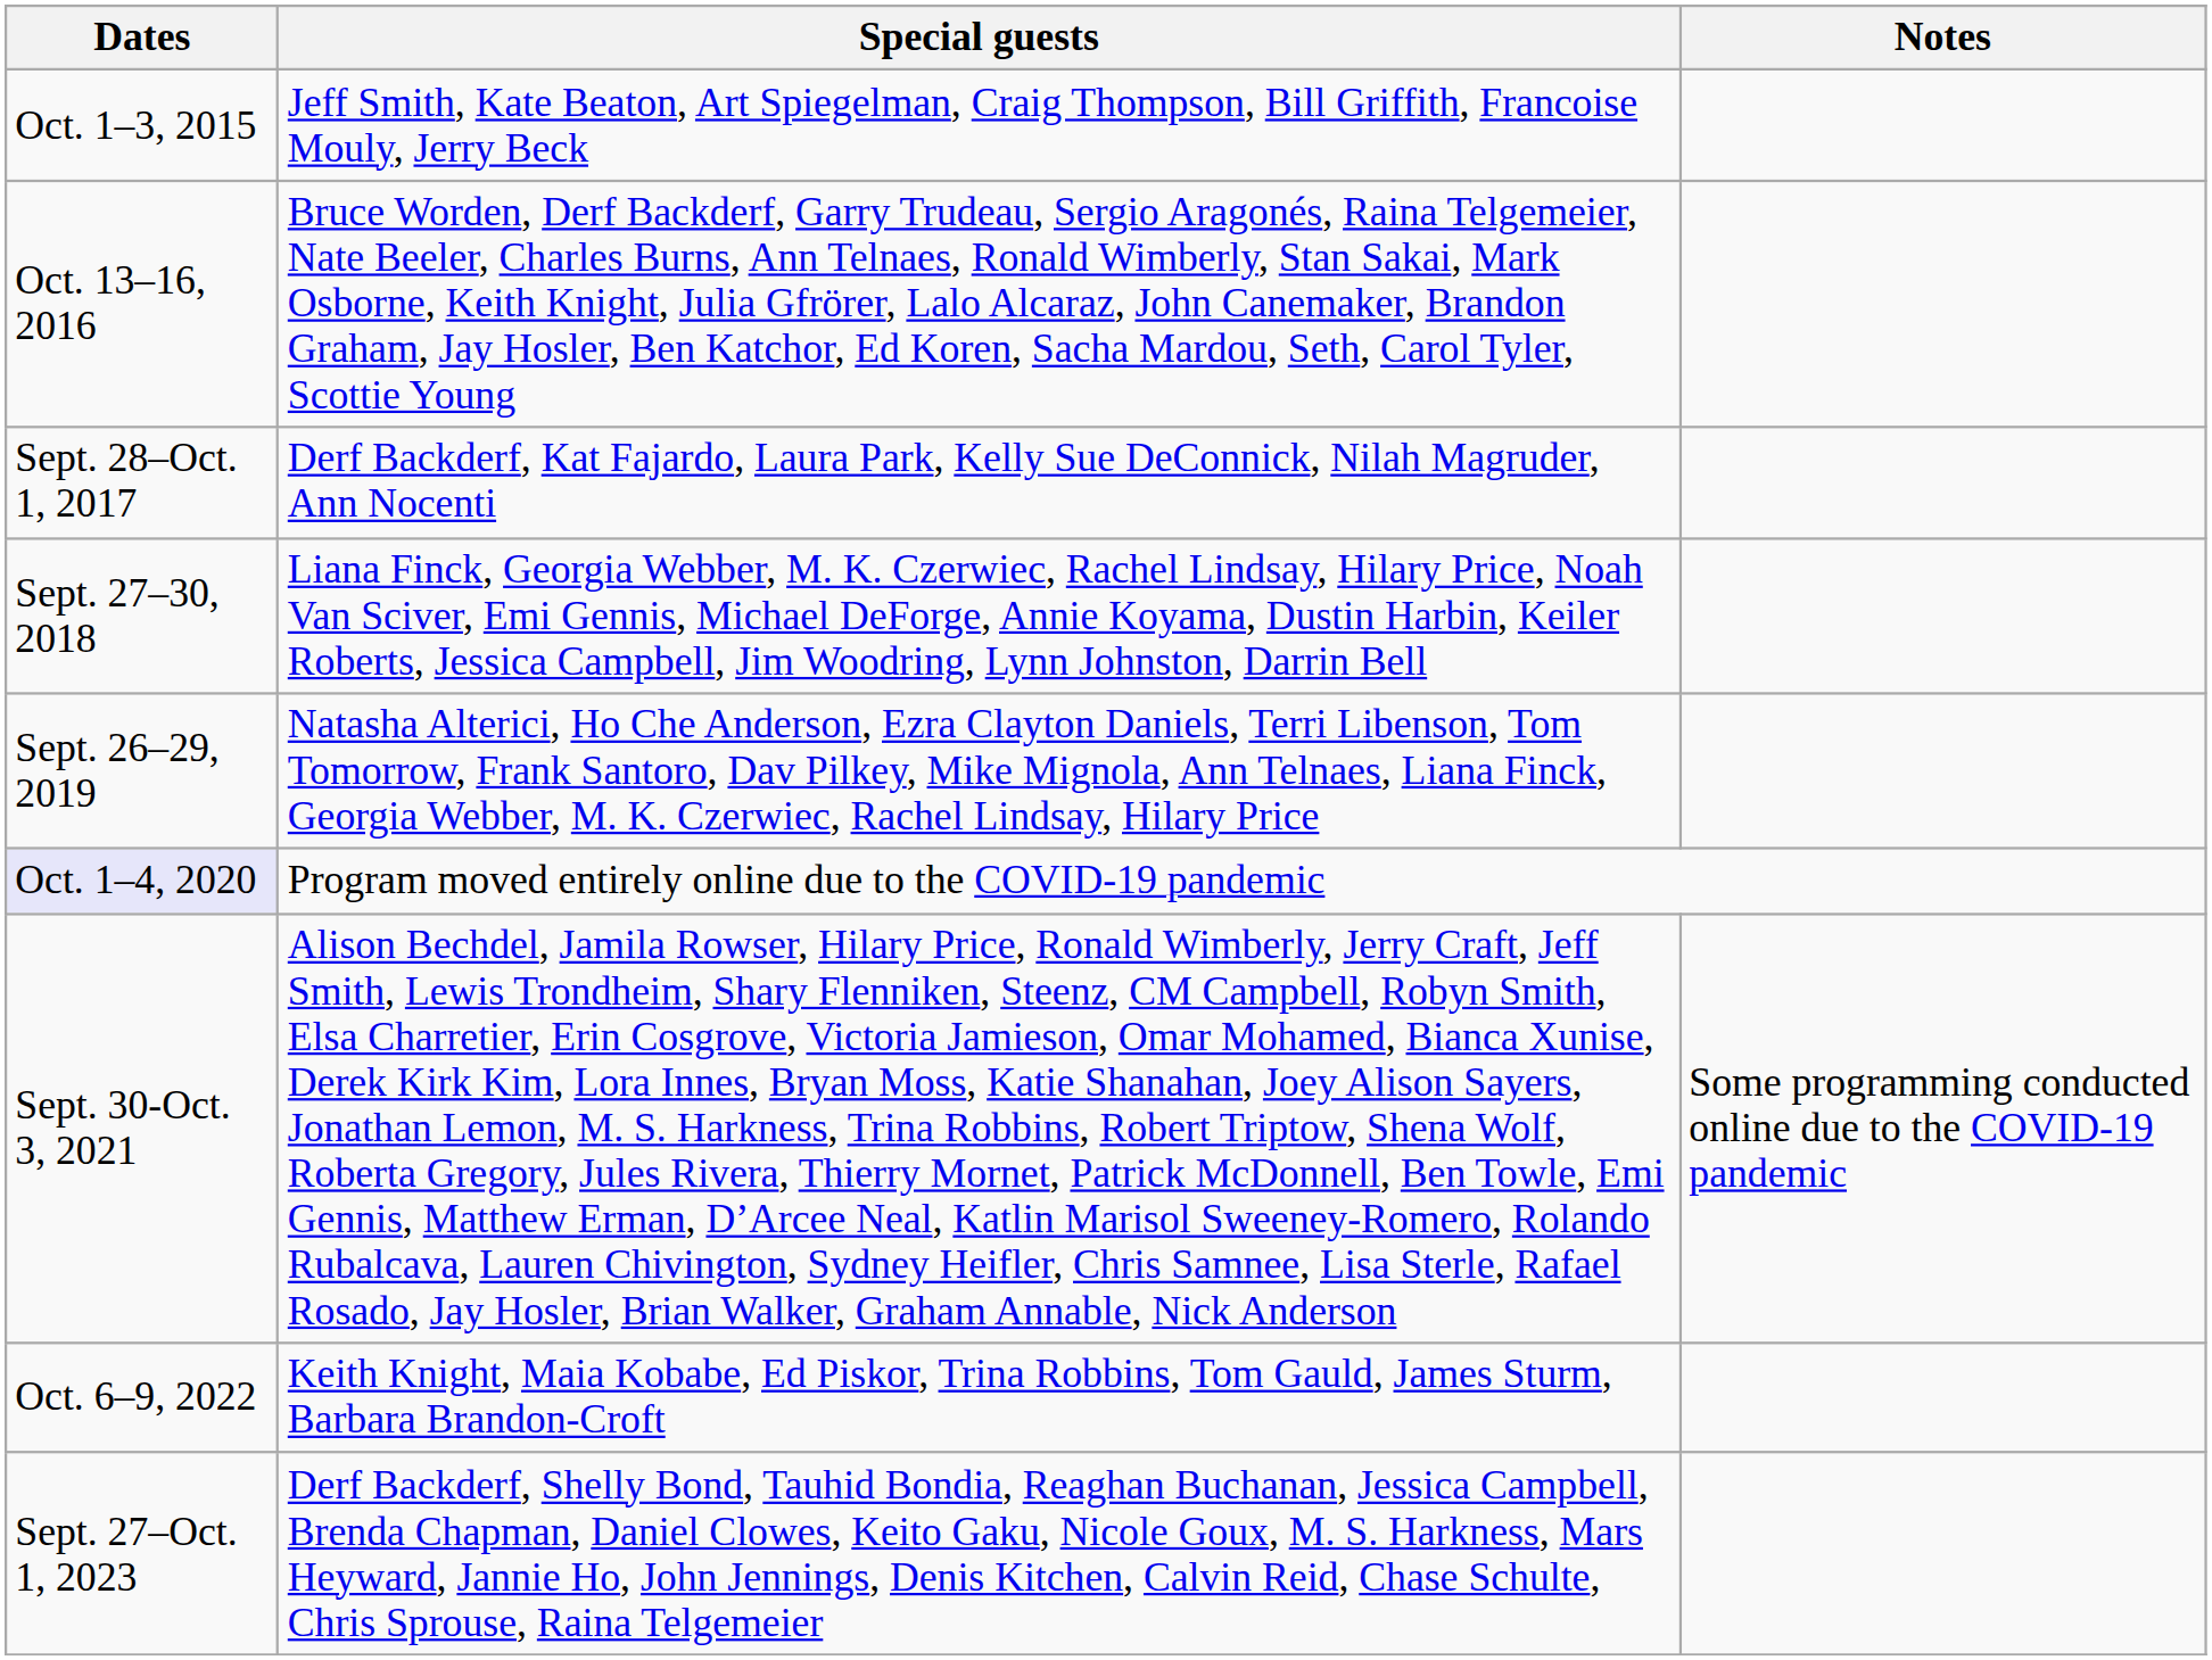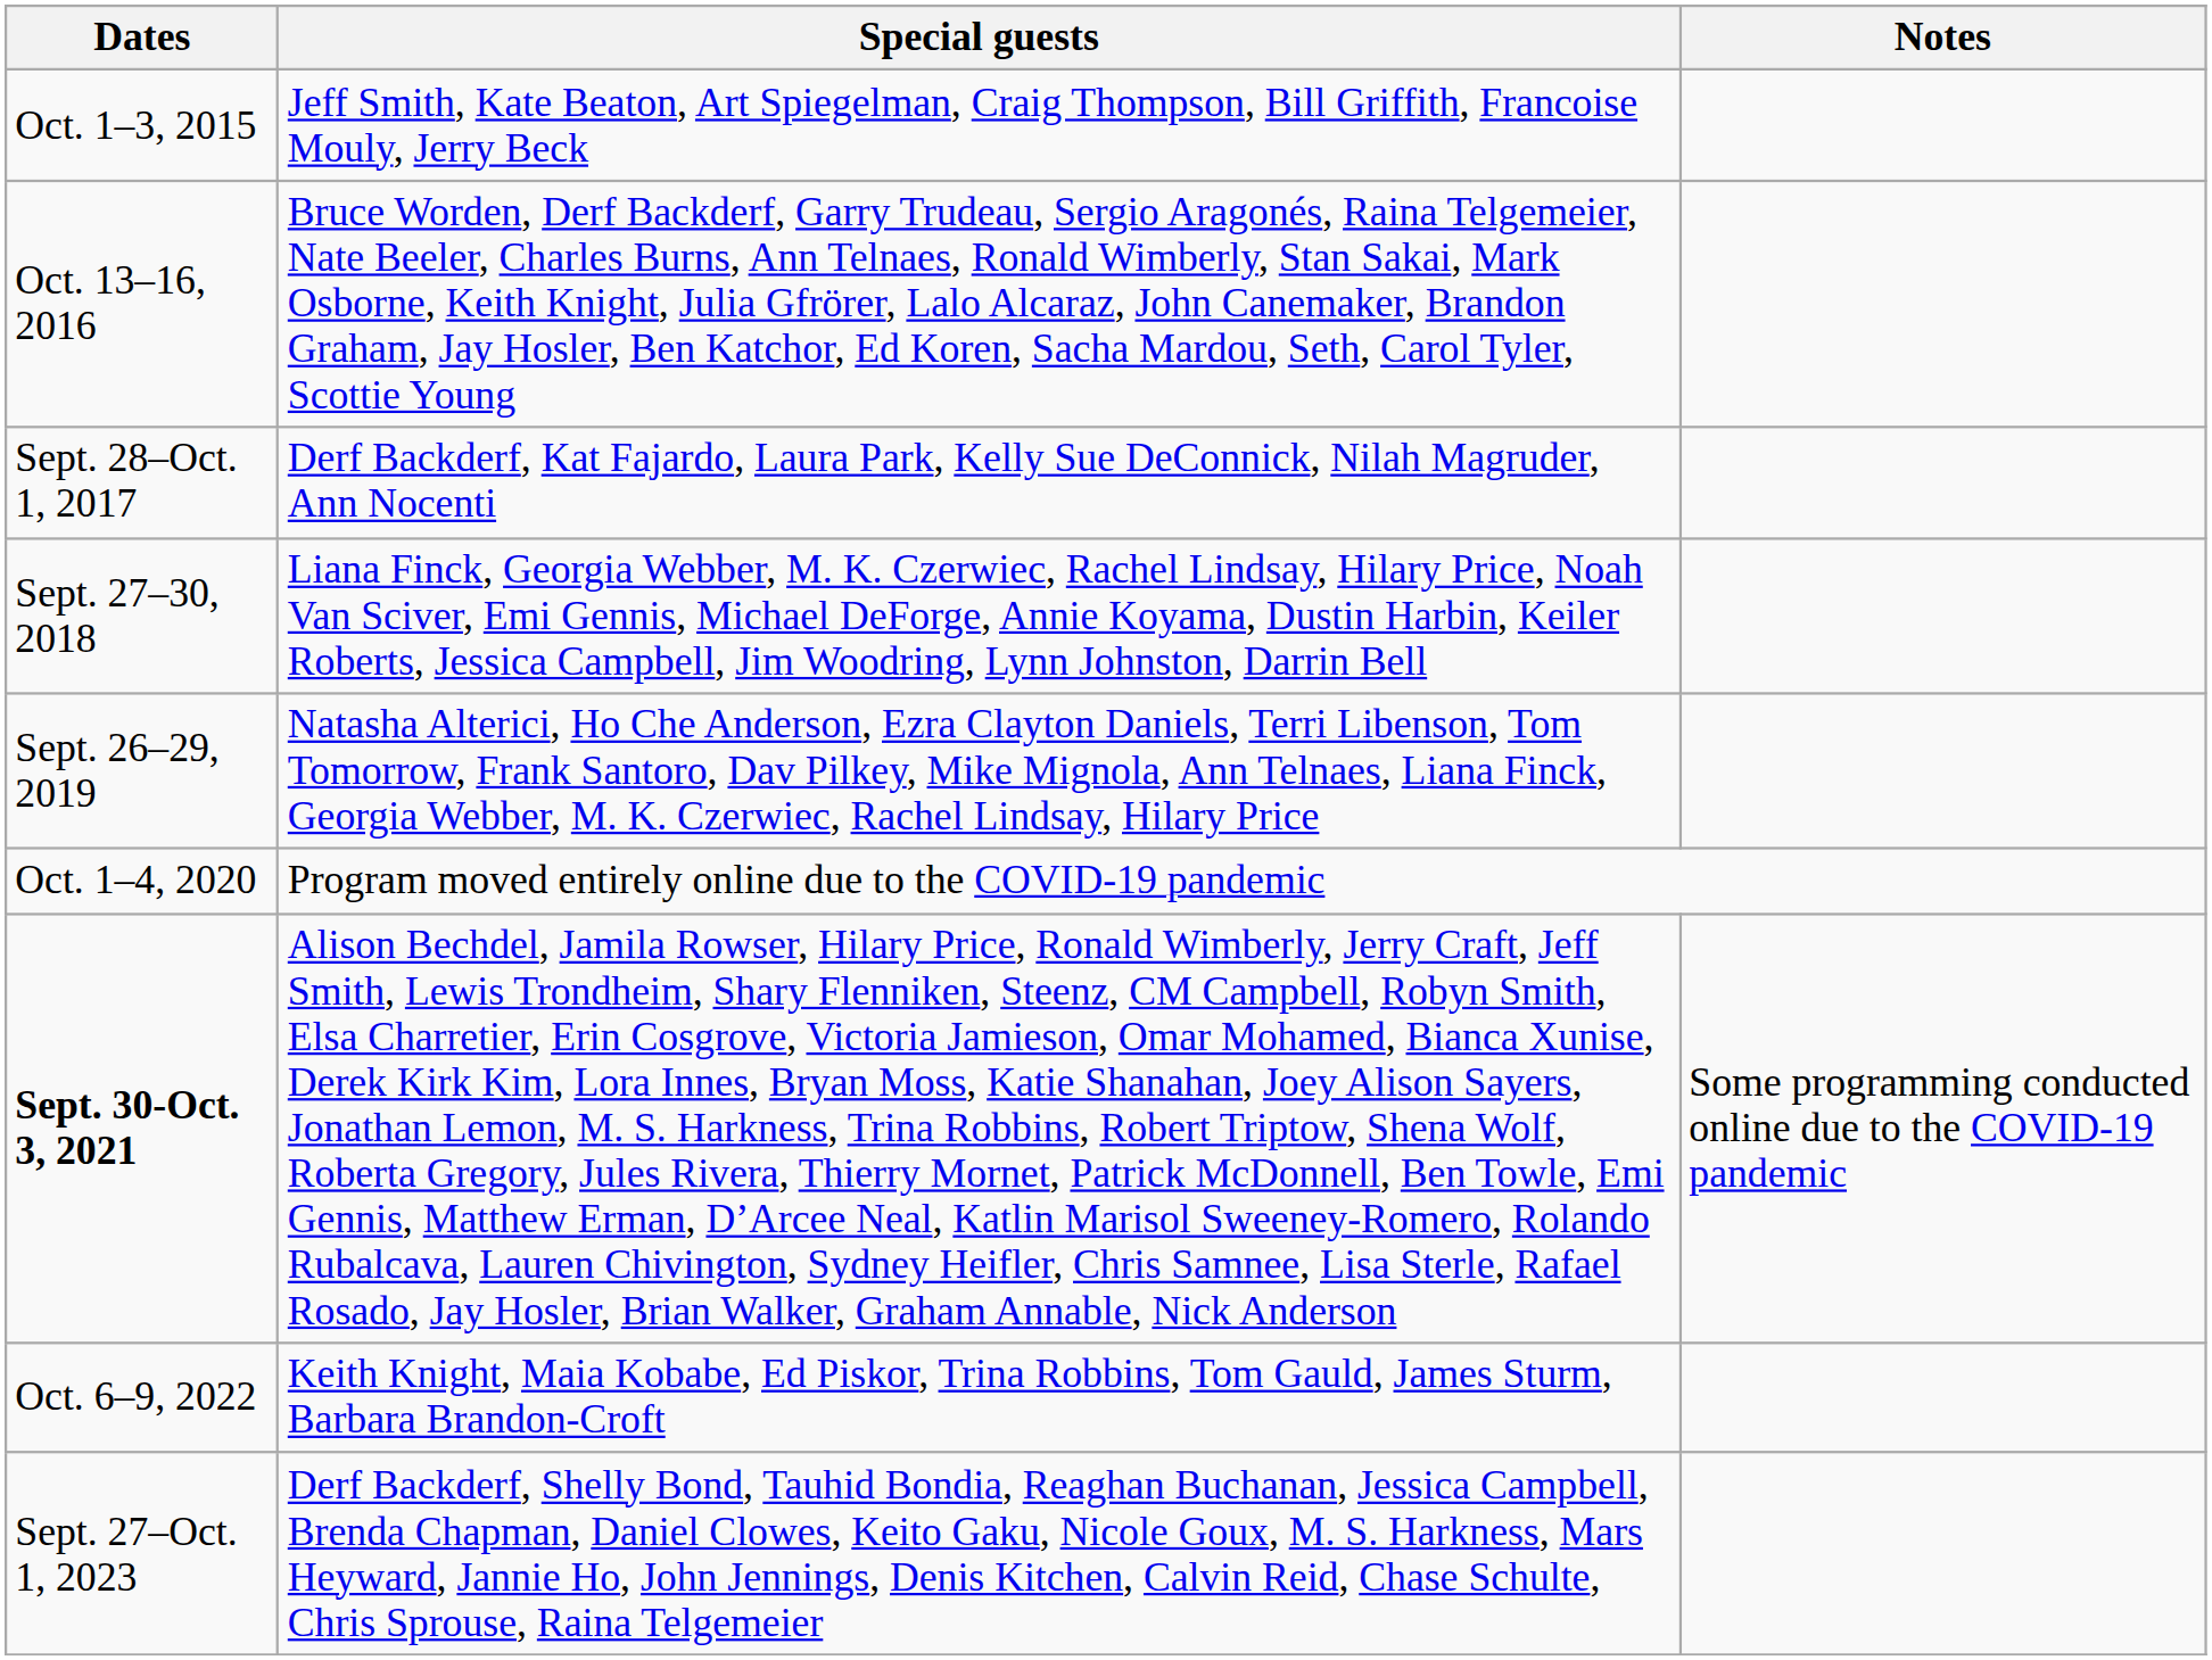 <table class="wikitable">
 <tr>
 <th>Dates</th>
 <th>Special guests</th>
 <th>Notes</th>
 </tr>
 <tr>
 <td width=100>Oct. 1–3, 2015</td>
 <td><a href='#'>Jeff Smith</a>, <a href='#'>Kate Beaton</a>, <a href='#'>Art Spiegelman</a>, <a href='#'>Craig Thompson</a>, <a href='#'>Bill Griffith</a>, <a href='#'>Francoise Mouly</a>,  <a href='#'>Jerry Beck</a></td>
 <td width=200></td>
 </tr>
 <tr>
 <td>Oct. 13–16, 2016</td>
 <td><a href='#'>Bruce Worden</a>, <a href='#'>Derf Backderf</a>, <a href='#'>Garry Trudeau</a>, <a href='#'>Sergio Aragonés</a>, <a href='#'>Raina Telgemeier</a>, <a href='#'>Nate Beeler</a>, <a href='#'>Charles Burns</a>, <a href='#'>Ann Telnaes</a>, <a href='#'>Ronald Wimberly</a>, <a href='#'>Stan Sakai</a>, <a href='#'>Mark Osborne</a>, <a href='#'>Keith Knight</a>, <a href='#'>Julia Gfrörer</a>, <a href='#'>Lalo Alcaraz</a>, <a href='#'>John Canemaker</a>, <a href='#'>Brandon Graham</a>, <a href='#'>Jay Hosler</a>, <a href='#'>Ben Katchor</a>, <a href='#'>Ed Koren</a>, <a href='#'>Sacha Mardou</a>, <a href='#'>Seth</a>, <a href='#'>Carol Tyler</a>, <a href='#'>Scottie Young</a></td>
 <td></td>
 </tr>
 <tr>
 <td>Sept. 28–Oct. 1, 2017</td>
 <td><a href='#'>Derf Backderf</a>, <a href='#'>Kat Fajardo</a>, <a href='#'>Laura Park</a>, <a href='#'>Kelly Sue DeConnick</a>, <a href='#'>Nilah Magruder</a>, <a href='#'>Ann Nocenti</a></td>
 <td></td>
 </tr>
 <tr>
 <td>Sept. 27–30, 2018</td>
 <td><a href='#'>Liana Finck</a>, <a href='#'>Georgia Webber</a>, <a href='#'>M. K. Czerwiec</a>, <a href='#'>Rachel Lindsay</a>, <a href='#'>Hilary Price</a>, <a href='#'>Noah Van Sciver</a>, <a href='#'>Emi Gennis</a>, <a href='#'>Michael DeForge</a>, <a href='#'>Annie Koyama</a>, <a href='#'>Dustin Harbin</a>, <a href='#'>Keiler Roberts</a>, <a href='#'>Jessica Campbell</a>, <a href='#'>Jim Woodring</a>, <a href='#'>Lynn Johnston</a>, <a href='#'>Darrin Bell</a></td>
 <td></td>
 </tr>
 <tr>
 <td>Sept. 26–29, 2019</td>
 <td><a href='#'>Natasha Alterici</a>, <a href='#'>Ho Che Anderson</a>, <a href='#'>Ezra Clayton Daniels</a>, <a href='#'>Terri Libenson</a>, <a href='#'>Tom Tomorrow</a>, <a href='#'>Frank Santoro</a>, <a href='#'>Dav Pilkey</a>, <a href='#'>Mike Mignola</a>, <a href='#'>Ann Telnaes</a>, <a href='#'>Liana Finck</a>, <a href='#'>Georgia Webber</a>, <a href='#'>M. K. Czerwiec</a>, <a href='#'>Rachel Lindsay</a>, <a href='#'>Hilary Price</a></td>
 <td></td>
 </tr>
 <tr>
-<td style="background: lavender;">Oct. 1–4, 2020</td>
+<td>Oct. 1–4, 2020</td>
 <td colspan=2>Program moved entirely online due to the <a href='#'>COVID-19 pandemic</a></td>
 </tr>
 <tr>
-<td>Sept. 30-Oct. 3, 2021</td>
+<td><strong>Sept. 30-Oct. 3, 2021</strong></td>
 <td><a href='#'>Alison Bechdel</a>, <a href='#'>Jamila Rowser</a>, <a href='#'>Hilary Price</a>, <a href='#'>Ronald Wimberly</a>, <a href='#'>Jerry Craft</a>, <a href='#'>Jeff Smith</a>, <a href='#'>Lewis Trondheim</a>, <a href='#'>Shary Flenniken</a>, <a href='#'>Steenz</a>, <a href='#'>CM Campbell</a>, <a href='#'>Robyn Smith</a>, <a href='#'>Elsa Charretier</a>, <a href='#'>Erin Cosgrove</a>, <a href='#'>Victoria Jamieson</a>, <a href='#'>Omar Mohamed</a>, <a href='#'>Bianca Xunise</a>, <a href='#'>Derek Kirk Kim</a>, <a href='#'>Lora Innes</a>, <a href='#'>Bryan Moss</a>, <a href='#'>Katie Shanahan</a>, <a href='#'>Joey Alison Sayers</a>, <a href='#'>Jonathan Lemon</a>, <a href='#'>M. S. Harkness</a>, <a href='#'>Trina Robbins</a>, <a href='#'>Robert Triptow</a>, <a href='#'>Shena Wolf</a>, <a href='#'>Roberta Gregory</a>, <a href='#'>Jules Rivera</a>, <a href='#'>Thierry Mornet</a>, <a href='#'>Patrick McDonnell</a>, <a href='#'>Ben Towle</a>, <a href='#'>Emi Gennis</a>, <a href='#'>Matthew Erman</a>, <a href='#'>D’Arcee Neal</a>, <a href='#'>Katlin Marisol Sweeney-Romero</a>, <a href='#'>Rolando Rubalcava</a>, <a href='#'>Lauren Chivington</a>, <a href='#'>Sydney Heifler</a>, <a href='#'>Chris Samnee</a>, <a href='#'>Lisa Sterle</a>, <a href='#'>Rafael Rosado</a>, <a href='#'>Jay Hosler</a>, <a href='#'>Brian Walker</a>, <a href='#'>Graham Annable</a>, <a href='#'>Nick Anderson</a></td>
 <td>Some programming conducted online due to the <a href='#'>COVID-19 pandemic</a></td>
 </tr>
 <tr>
 <td>Oct. 6–9, 2022</td>
 <td><a href='#'>Keith Knight</a>, <a href='#'>Maia Kobabe</a>, <a href='#'>Ed Piskor</a>, <a href='#'>Trina Robbins</a>, <a href='#'>Tom Gauld</a>, <a href='#'>James Sturm</a>, <a href='#'>Barbara Brandon-Croft</a></td>
 <td></td>
 </tr>
 <tr>
 <td>Sept. 27–Oct. 1, 2023</td>
 <td><a href='#'>Derf Backderf</a>, <a href='#'>Shelly Bond</a>, <a href='#'>Tauhid Bondia</a>, <a href='#'>Reaghan Buchanan</a>, <a href='#'>Jessica Campbell</a>, <a href='#'>Brenda Chapman</a>, <a href='#'>Daniel Clowes</a>, <a href='#'>Keito Gaku</a>, <a href='#'>Nicole Goux</a>, <a href='#'>M. S. Harkness</a>, <a href='#'>Mars Heyward</a>, <a href='#'>Jannie Ho</a>, <a href='#'>John Jennings</a>, <a href='#'>Denis Kitchen</a>, <a href='#'>Calvin Reid</a>, <a href='#'>Chase Schulte</a>, <a href='#'>Chris Sprouse</a>, <a href='#'>Raina Telgemeier</a></td>
 <td></td>
 </tr>
 <tr>
 </tr>
 </table>
